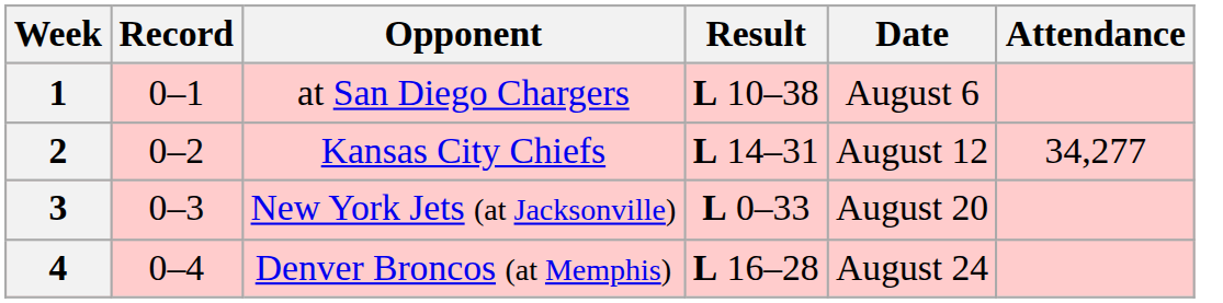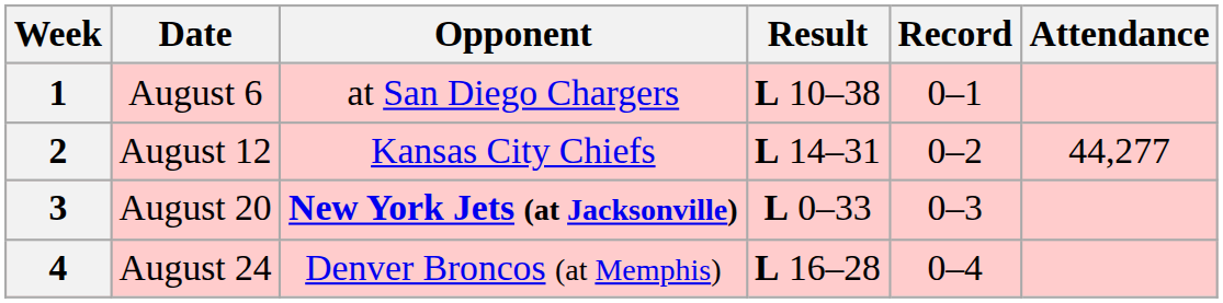 <table class="wikitable" style="text-align:center">
 <tr>
 <th>Week</th>
-<th>Record</th>
+<th>Date</th>
 <th>Opponent</th>
 <th>Result</th>
-<th>Date</th>
+<th>Record</th>
 <th>Attendance</th>
 </tr>
 <tr style="background:#fcc">
 <th>1</th>
-<td>0–1</td>
+<td>August 6</td>
 <td>at <a href='#'>San Diego Chargers</a></td>
 <td><strong>L</strong> 10–38</td>
-<td>August 6</td>
+<td>0–1</td>
 <td></td>
 </tr>
 <tr style="background:#fcc">
 <th>2</th>
-<td>0–2</td>
+<td>August 12</td>
 <td><a href='#'>Kansas City Chiefs</a></td>
 <td><strong>L</strong> 14–31</td>
-<td>August 12</td>
-<td align=center>34,277</td>
+<td>0–2</td>
+<td align=center>44,277</td>
 </tr>
 <tr style="background:#fcc">
 <th>3</th>
+<td>August 20</td>
+<td><strong><a href='#'>New York Jets</a> <small>(at <a href='#'>Jacksonville</a>)</small></strong></td>
+<td><strong>L</strong> 0–33</td>
 <td>0–3</td>
-<td><a href='#'>New York Jets</a> <small>(at <a href='#'>Jacksonville</a>)</small></td>
-<td><strong>L</strong> 0–33</td>
-<td>August 20</td>
 <td></td>
 </tr>
 <tr style="background:#fcc">
 <th>4</th>
-<td>0–4</td>
+<td>August 24</td>
 <td><a href='#'>Denver Broncos</a> <small>(at <a href='#'>Memphis</a>)</small></td>
 <td><strong>L</strong> 16–28</td>
-<td>August 24</td>
+<td>0–4</td>
 <td></td>
 </tr>
 </table>
